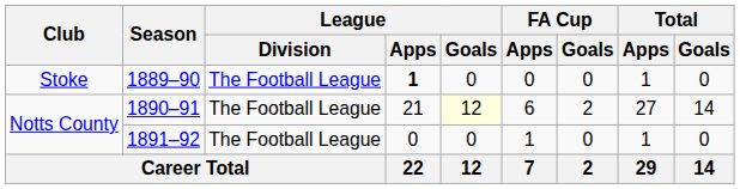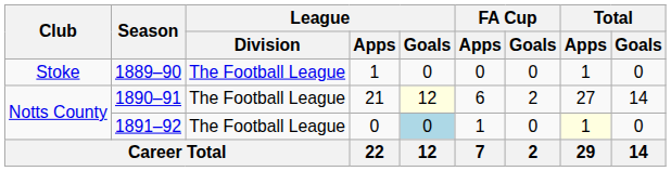 <table class="wikitable" style="text-align: center;">
 <tr>
 <th rowspan="2">Club</th>
 <th rowspan="2">Season</th>
 <th colspan="3">League</th>
 <th colspan="2">FA Cup</th>
 <th colspan="2">Total</th>
 </tr>
 <tr>
 <th>Division</th>
 <th>Apps</th>
 <th>Goals</th>
 <th>Apps</th>
 <th>Goals</th>
 <th>Apps</th>
 <th>Goals</th>
 </tr>
 <tr>
 <td><a href='#'>Stoke</a></td>
 <td><a href='#'>1889–90</a></td>
 <td><a href='#'>The Football League</a></td>
-<td><strong>1</strong></td>
+<td>1</td>
 <td>0</td>
 <td>0</td>
 <td>0</td>
 <td>1</td>
 <td>0</td>
 </tr>
 <tr>
 <td rowspan=2><a href='#'>Notts County</a></td>
 <td><a href='#'>1890–91</a></td>
 <td>The Football League</td>
 <td>21</td>
 <td style="background: lightyellow;">12</td>
 <td>6</td>
 <td>2</td>
 <td>27</td>
 <td>14</td>
 </tr>
 <tr>
 <td><a href='#'>1891–92</a></td>
 <td>The Football League</td>
 <td>0</td>
-<td>0</td>
+<td style="background: lightblue;">0</td>
 <td>1</td>
 <td>0</td>
-<td>1</td>
+<td style="background: lightyellow;">1</td>
 <td>0</td>
 </tr>
 <tr>
 <th colspan=3>Career Total</th>
 <th>22</th>
 <th>12</th>
 <th>7</th>
 <th>2</th>
 <th>29</th>
 <th>14</th>
 </tr>
 </table>
